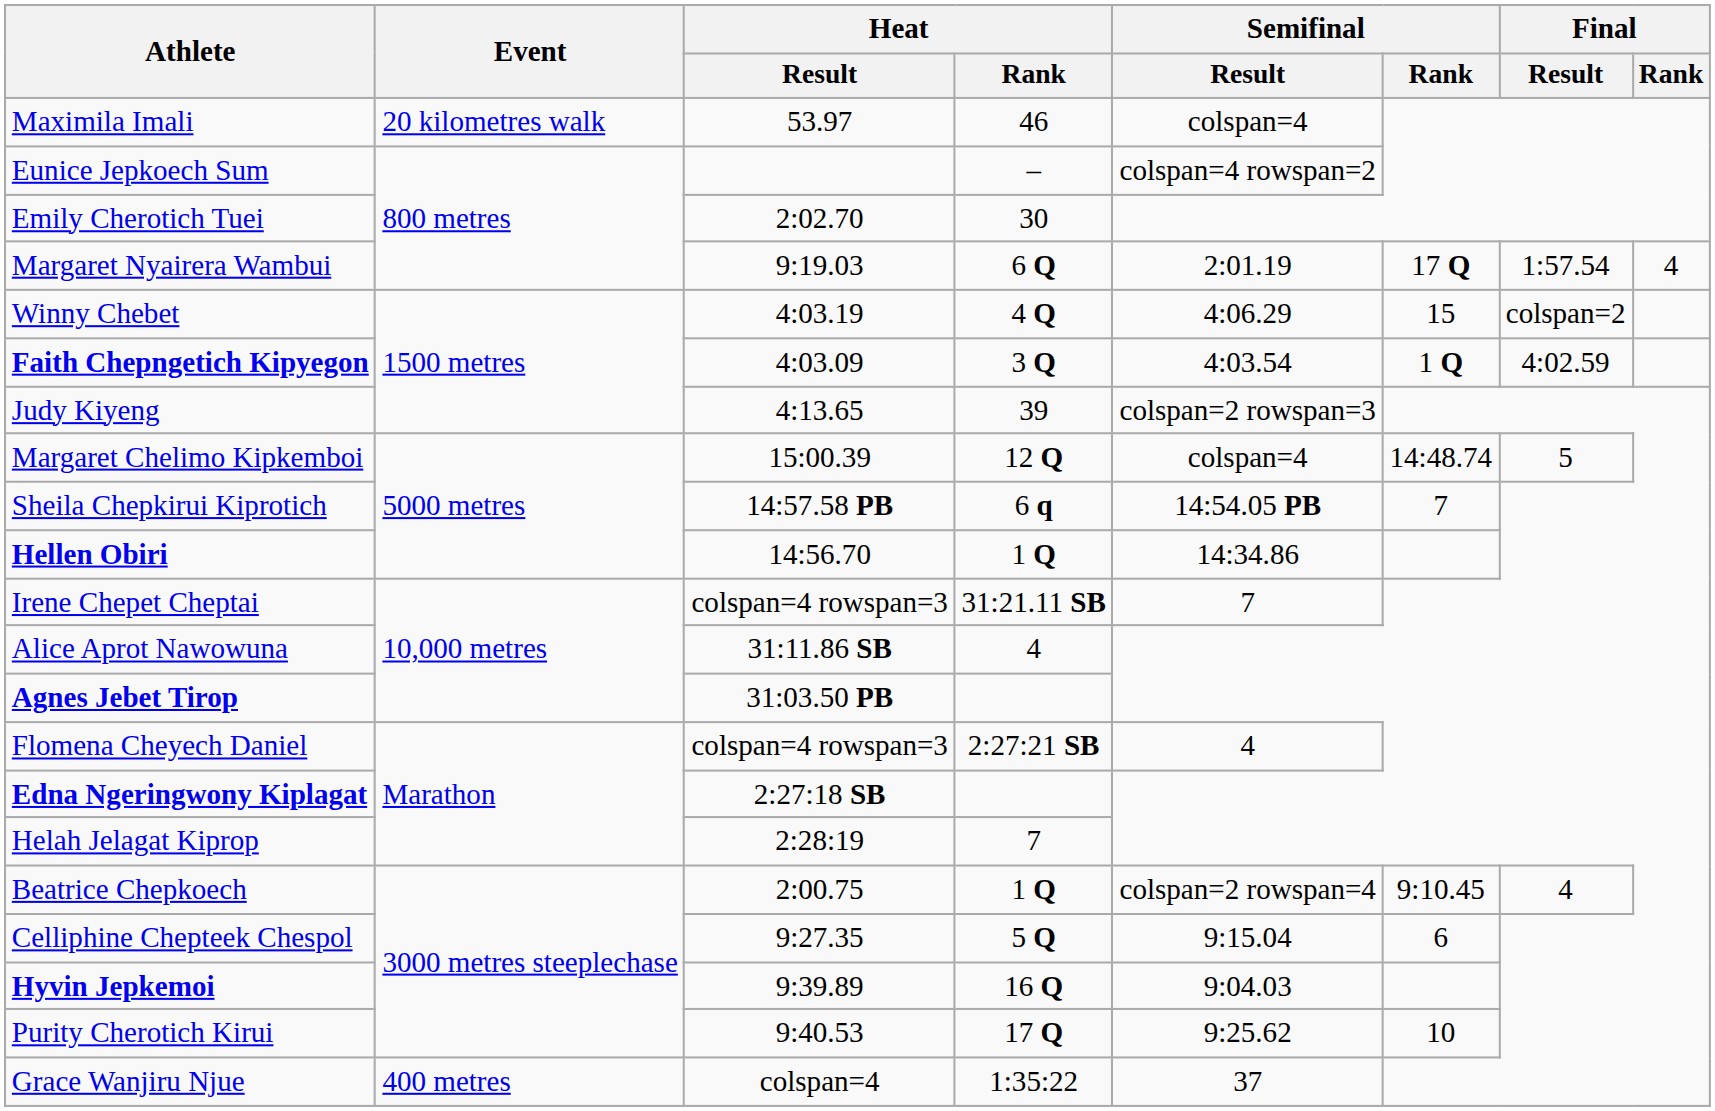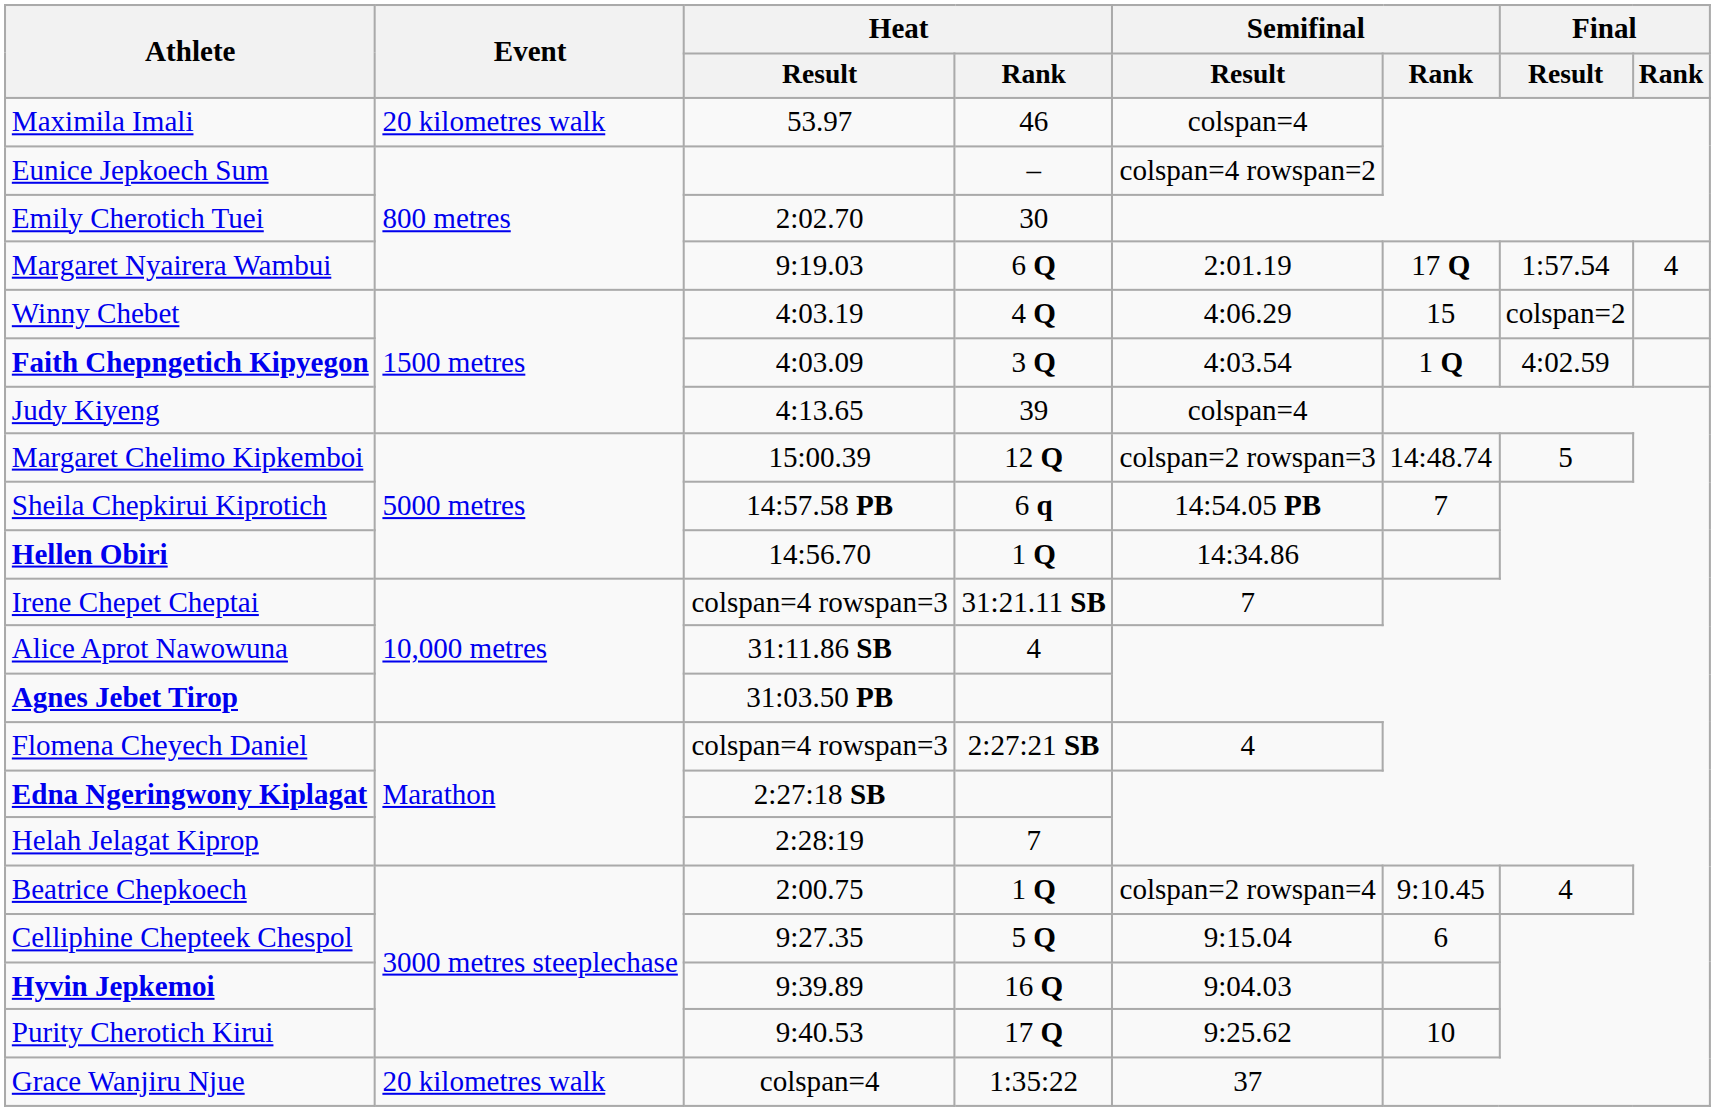 <table class="wikitable" style="font-size:90%">
 <tr>
 <th rowspan="2">Athlete</th>
 <th rowspan="2">Event</th>
 <th colspan="2">Heat</th>
 <th colspan="2">Semifinal</th>
 <th colspan="2">Final</th>
 </tr>
 <tr style="font-size:95%">
 <th>Result</th>
 <th>Rank</th>
 <th>Result</th>
 <th>Rank</th>
 <th>Result</th>
 <th>Rank</th>
 </tr>
 <tr style=text-align:center>
 <td style=text-align:left><a href='#'>Maximila Imali</a></td>
 <td style=text-align:left><a href='#'>20 kilometres walk</a></td>
 <td>53.97</td>
 <td>46</td>
 <td>colspan=4 </td>
 </tr>
 <tr style=text-align:center>
 <td style=text-align:left><a href='#'>Eunice Jepkoech Sum</a></td>
 <td style=text-align:left rowspan=3><a href='#'>800 metres</a></td>
 <td></td>
 <td>–</td>
 <td>colspan=4 rowspan=2 </td>
 </tr>
 <tr style=text-align:center>
 <td style=text-align:left><a href='#'>Emily Cherotich Tuei</a></td>
 <td>2:02.70</td>
 <td>30</td>
 </tr>
 <tr style=text-align:center>
 <td style=text-align:left><a href='#'>Margaret Nyairera Wambui</a></td>
 <td>9:19.03</td>
 <td>6 <strong>Q</strong></td>
 <td>2:01.19</td>
 <td>17 <strong>Q</strong></td>
 <td>1:57.54</td>
 <td>4</td>
 </tr>
 <tr style=text-align:center>
 <td style=text-align:left><a href='#'>Winny Chebet</a></td>
 <td style=text-align:left rowspan=3><a href='#'>1500 metres</a></td>
 <td>4:03.19</td>
 <td>4 <strong>Q</strong></td>
 <td>4:06.29</td>
 <td>15</td>
 <td>colspan=2 </td>
 </tr>
 <tr style=text-align:center>
 <td style=text-align:left><strong><a href='#'>Faith Chepngetich Kipyegon</a></strong></td>
 <td>4:03.09</td>
 <td>3 <strong>Q</strong></td>
 <td>4:03.54</td>
 <td>1 <strong>Q</strong></td>
 <td>4:02.59</td>
 <td></td>
 </tr>
 <tr style=text-align:center>
 <td style=text-align:left><a href='#'>Judy Kiyeng</a></td>
 <td>4:13.65</td>
 <td>39</td>
-<td>colspan=2 rowspan=3 </td>
+<td>colspan=4 </td>
 </tr>
 <tr style=text-align:center>
 <td style=text-align:left><a href='#'>Margaret Chelimo Kipkemboi</a></td>
 <td style=text-align:left rowspan=3><a href='#'>5000 metres</a></td>
 <td>15:00.39</td>
 <td>12 <strong>Q</strong></td>
-<td>colspan=4 </td>
+<td>colspan=2 rowspan=3 </td>
 <td>14:48.74</td>
 <td>5</td>
 </tr>
 <tr style=text-align:center>
 <td style=text-align:left><a href='#'>Sheila Chepkirui Kiprotich</a></td>
 <td>14:57.58 <strong>PB</strong></td>
 <td>6 <strong>q</strong></td>
 <td>14:54.05 <strong>PB</strong></td>
 <td>7</td>
 </tr>
 <tr style=text-align:center>
 <td style=text-align:left><strong><a href='#'>Hellen Obiri</a></strong></td>
 <td>14:56.70</td>
 <td>1 <strong>Q</strong></td>
 <td>14:34.86</td>
 <td></td>
 </tr>
 <tr style=text-align:center>
 <td style=text-align:left><a href='#'>Irene Chepet Cheptai</a></td>
 <td style=text-align:left rowspan=3><a href='#'>10,000 metres</a></td>
 <td>colspan=4 rowspan=3 </td>
 <td>31:21.11 <strong>SB</strong></td>
 <td>7</td>
 </tr>
 <tr style=text-align:center>
 <td style=text-align:left><a href='#'>Alice Aprot Nawowuna</a></td>
 <td>31:11.86 <strong>SB</strong></td>
 <td>4</td>
 </tr>
 <tr style=text-align:center>
 <td style=text-align:left><strong><a href='#'>Agnes Jebet Tirop</a></strong></td>
 <td>31:03.50 <strong>PB</strong></td>
 <td></td>
 </tr>
 <tr style=text-align:center>
 <td style=text-align:left><a href='#'>Flomena Cheyech Daniel</a></td>
 <td style=text-align:left rowspan=3><a href='#'>Marathon</a></td>
 <td>colspan=4 rowspan=3 </td>
 <td>2:27:21 <strong>SB</strong></td>
 <td>4</td>
 </tr>
 <tr style=text-align:center>
 <td style=text-align:left><strong><a href='#'>Edna Ngeringwony Kiplagat</a></strong></td>
 <td>2:27:18 <strong>SB</strong></td>
 <td></td>
 </tr>
 <tr style=text-align:center>
 <td style=text-align:left><a href='#'>Helah Jelagat Kiprop</a></td>
 <td>2:28:19</td>
 <td>7</td>
 </tr>
 <tr style=text-align:center>
 <td style=text-align:left><a href='#'>Beatrice Chepkoech</a></td>
 <td style=text-align:left rowspan=4><a href='#'>3000 metres steeplechase</a></td>
 <td>2:00.75</td>
 <td>1 <strong>Q</strong></td>
 <td>colspan=2 rowspan=4</td>
 <td>9:10.45</td>
 <td>4</td>
 </tr>
 <tr style=text-align:center>
 <td style=text-align:left><a href='#'>Celliphine Chepteek Chespol</a></td>
 <td>9:27.35</td>
 <td>5 <strong>Q</strong></td>
 <td>9:15.04</td>
 <td>6</td>
 </tr>
 <tr style=text-align:center>
 <td style=text-align:left><strong><a href='#'>Hyvin Jepkemoi</a></strong></td>
 <td>9:39.89</td>
 <td>16 <strong>Q</strong></td>
 <td>9:04.03</td>
 <td></td>
 </tr>
 <tr style=text-align:center>
 <td style=text-align:left><a href='#'>Purity Cherotich Kirui</a></td>
 <td>9:40.53</td>
 <td>17 <strong>Q</strong></td>
 <td>9:25.62</td>
 <td>10</td>
 </tr>
 <tr style=text-align:center>
 <td style=text-align:left><a href='#'>Grace Wanjiru Njue</a></td>
-<td style=text-align:left><a href='#'>400 metres</a></td>
+<td style=text-align:left><a href='#'>20 kilometres walk</a></td>
 <td>colspan=4 </td>
 <td>1:35:22</td>
 <td>37</td>
 </tr>
 </table>
